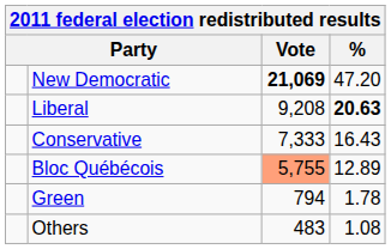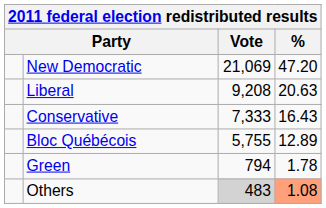 <table class="wikitable">
 <tr>
 <th colspan="4"><a href='#'>2011 federal election</a> redistributed results</th>
 </tr>
 <tr>
 <th bgcolor="#DDDDFF" width="130px" colspan="2">Party</th>
 <th bgcolor="#DDDDFF" width="50px">Vote</th>
 <th bgcolor="#DDDDFF" width="30px">%</th>
 </tr>
 <tr>
 <td> </td>
 <td><a href='#'>New Democratic</a></td>
-<td align=right><strong>21,069</strong></td>
+<td align=right>21,069</td>
 <td align=right>47.20</td>
 </tr>
 <tr>
 <td> </td>
 <td><a href='#'>Liberal</a></td>
 <td align=right>9,208</td>
-<td align=right><strong>20.63</strong></td>
+<td align=right>20.63</td>
 </tr>
 <tr>
 <td> </td>
 <td><a href='#'>Conservative</a></td>
 <td align=right>7,333</td>
 <td align=right>16.43</td>
 </tr>
 <tr>
 <td> </td>
 <td><a href='#'>Bloc Québécois</a></td>
-<td align=right style="background: lightsalmon;">5,755</td>
+<td align=right>5,755</td>
 <td align=right>12.89</td>
 </tr>
 <tr>
 <td> </td>
 <td><a href='#'>Green</a></td>
 <td align=right>794</td>
 <td align=right>1.78</td>
 </tr>
 <tr>
 <td> </td>
 <td>Others</td>
-<td align=right>483</td>
-<td align=right>1.08</td>
+<td align=right style="background: lightgrey;">483</td>
+<td align=right style="background: lightsalmon;">1.08</td>
 </tr>
 </table>
